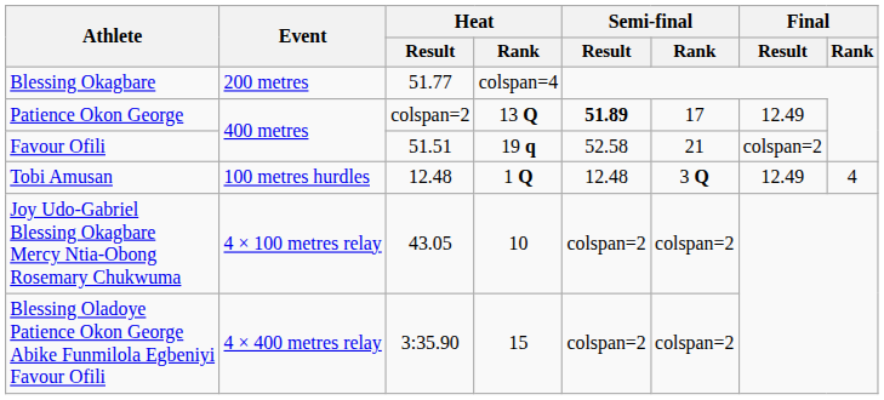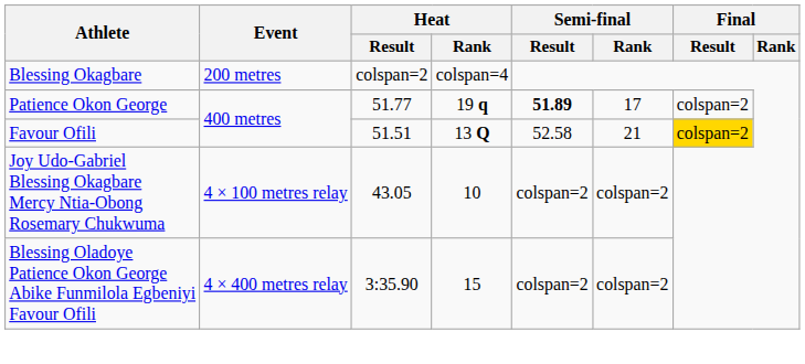 <table class="wikitable" style="font-size:90%">
 <tr>
 <th rowspan="2">Athlete</th>
 <th rowspan="2">Event</th>
 <th colspan="2">Heat</th>
 <th colspan="2">Semi-final</th>
 <th colspan="2">Final</th>
 </tr>
 <tr style="font-size:95%">
 <th>Result</th>
 <th>Rank</th>
 <th>Result</th>
 <th>Rank</th>
 <th>Result</th>
 <th>Rank</th>
 </tr>
 <tr style=text-align:center>
 <td style=text-align:left><a href='#'>Blessing Okagbare</a></td>
 <td style=text-align:left><a href='#'>200 metres</a></td>
-<td>51.77</td>
+<td>colspan=2</td>
 <td>colspan=4</td>
 </tr>
 <tr style=text-align:center>
 <td style=text-align:left><a href='#'>Patience Okon George</a></td>
 <td style=text-align:left rowspan=2><a href='#'>400 metres</a></td>
-<td>colspan=2</td>
-<td>13 <strong>Q</strong></td>
+<td>51.77</td>
+<td>19 <strong>q</strong></td>
 <td><strong>51.89</strong></td>
 <td>17</td>
-<td>12.49</td>
+<td>colspan=2</td>
 </tr>
 <tr align=center>
 <td style=text-align:left><a href='#'>Favour Ofili</a></td>
 <td>51.51 </td>
-<td>19 <strong>q</strong></td>
+<td>13 <strong>Q</strong></td>
 <td>52.58</td>
 <td>21</td>
-<td>colspan=2</td>
-</tr>
-<tr style=text-align:center>
-<td style=text-align:left><a href='#'>Tobi Amusan</a></td>
-<td style=text-align:left><a href='#'>100 metres hurdles</a></td>
-<td>12.48 </td>
-<td>1 <strong>Q</strong></td>
-<td>12.48 </td>
-<td>3 <strong>Q</strong></td>
-<td>12.49</td>
-<td>4</td>
+<td style="background: gold;">colspan=2</td>
 </tr>
 <tr style=text-align:center>
 <td style=text-align:left><a href='#'>Joy Udo-Gabriel</a><br><a href='#'>Blessing Okagbare</a><br><a href='#'>Mercy Ntia-Obong</a><br><a href='#'>Rosemary Chukwuma</a></td>
 <td style=text-align:left><a href='#'>4 × 100 metres relay</a></td>
 <td>43.05 </td>
 <td>10</td>
 <td>colspan=2</td>
 <td>colspan=2 </td>
 </tr>
 <tr style=text-align:center>
 <td style=text-align:left><a href='#'>Blessing Oladoye</a><br><a href='#'>Patience Okon George</a><br><a href='#'>Abike Funmilola Egbeniyi</a><br><a href='#'>Favour Ofili</a></td>
 <td style=text-align:left><a href='#'>4 × 400 metres relay</a></td>
 <td>3:35.90</td>
 <td>15</td>
 <td>colspan=2</td>
 <td>colspan=2 </td>
 </tr>
 </table>
